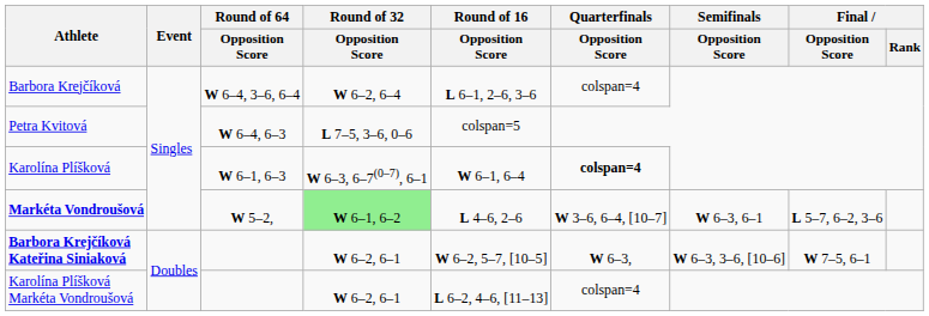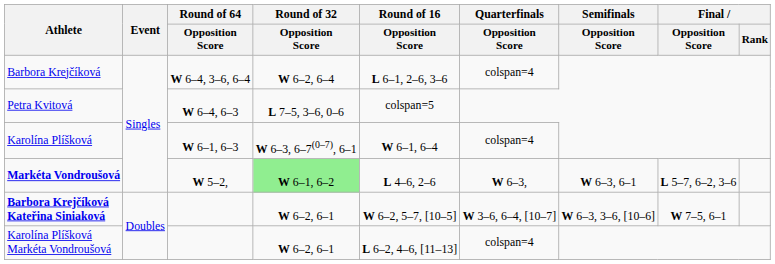 <table class=wikitable style="font-size:90%">
 <tr>
 <th rowspan="2">Athlete</th>
 <th rowspan="2">Event</th>
 <th>Round of 64</th>
 <th>Round of 32</th>
 <th>Round of 16</th>
 <th>Quarterfinals</th>
 <th>Semifinals</th>
 <th colspan=2>Final / </th>
 </tr>
 <tr style="font-size:95%">
 <th>Opposition<br>Score</th>
 <th>Opposition<br>Score</th>
 <th>Opposition<br>Score</th>
 <th>Opposition<br>Score</th>
 <th>Opposition<br>Score</th>
 <th>Opposition<br>Score</th>
 <th>Rank</th>
 </tr>
 <tr align=center>
 <td align=left><a href='#'>Barbora Krejčíková</a></td>
 <td align=left rowspan=4><a href='#'>Singles</a></td>
 <td><br><strong>W</strong> 6–4, 3–6, 6–4</td>
 <td><br><strong>W</strong> 6–2, 6–4</td>
 <td><br><strong>L</strong> 6–1, 2–6, 3–6</td>
 <td>colspan=4 </td>
 </tr>
 <tr align=center>
 <td align=left><a href='#'>Petra Kvitová</a></td>
 <td><br><strong>W</strong> 6–4, 6–3</td>
 <td><br><strong>L</strong> 7–5, 3–6, 0–6</td>
 <td>colspan=5 </td>
 </tr>
 <tr align=center>
 <td align=left><a href='#'>Karolína Plíšková</a></td>
 <td><br><strong>W</strong> 6–1, 6–3</td>
 <td><br><strong>W</strong> 6–3, 6–7<sup>(0–7)</sup>, 6–1</td>
 <td><br><strong>W</strong> 6–1, 6–4</td>
-<td><strong>colspan=4 </strong></td>
+<td>colspan=4 </td>
 </tr>
 <tr align=center>
 <td align=left><strong><a href='#'>Markéta Vondroušová</a></strong></td>
 <td><br><strong>W</strong> 5–2, </td>
 <td style="background: lightgreen;"><br><strong>W</strong> 6–1, 6–2</td>
 <td><br><strong>L</strong> 4–6, 2–6</td>
-<td><br><strong>W</strong> 3–6, 6–4, [10–7]</td>
+<td><br><strong>W</strong> 6–3, </td>
 <td><br><strong>W</strong> 6–3, 6–1</td>
 <td><br><strong>L</strong> 5–7, 6–2, 3–6</td>
 <td></td>
 </tr>
 <tr align=center>
 <td align=left><strong><a href='#'>Barbora Krejčíková</a></strong><br><strong><a href='#'>Kateřina Siniaková</a></strong></td>
 <td align=left rowspan=2><a href='#'>Doubles</a></td>
 <td></td>
 <td><br><strong>W</strong> 6–2, 6–1</td>
 <td><br><strong>W</strong> 6–2, 5–7, [10–5]</td>
-<td><br><strong>W</strong> 6–3, </td>
+<td><br><strong>W</strong> 3–6, 6–4, [10–7]</td>
 <td><br><strong>W</strong> 6–3, 3–6, [10–6]</td>
 <td><br><strong>W</strong> 7–5, 6–1</td>
 <td></td>
 </tr>
 <tr align=center>
 <td align=left><a href='#'>Karolína Plíšková</a><br><a href='#'>Markéta Vondroušová</a></td>
 <td></td>
 <td><br><strong>W</strong> 6–2, 6–1</td>
 <td><br><strong>L</strong> 6–2, 4–6, [11–13]</td>
 <td>colspan=4 </td>
 </tr>
 </table>
